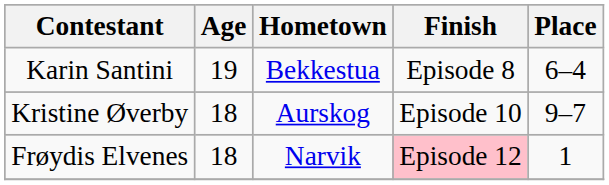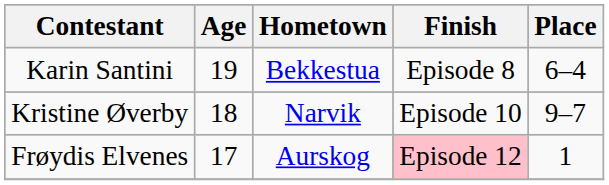 <table class="wikitable" style="text-align:center;">
 <tr>
 <th colspan="1">Contestant</th>
 <th colspan="1">Age</th>
 <th colspan="1">Hometown</th>
 <th>Finish</th>
 <th>Place</th>
 </tr>
 <tr>
 <td>Karin Santini</td>
 <td>19</td>
 <td><a href='#'>Bekkestua</a></td>
 <td>Episode 8</td>
 <td>6–4</td>
 </tr>
 <tr>
 <td>Kristine Øverby</td>
 <td>18</td>
-<td><a href='#'>Aurskog</a></td>
+<td><a href='#'>Narvik</a></td>
 <td>Episode 10</td>
 <td>9–7</td>
 </tr>
 <tr>
 <td>Frøydis Elvenes</td>
-<td>18</td>
-<td><a href='#'>Narvik</a></td>
+<td>17</td>
+<td><a href='#'>Aurskog</a></td>
 <td style="background: pink;">Episode 12</td>
 <td>1</td>
 </tr>
 <tr>
 </tr>
 </table>
